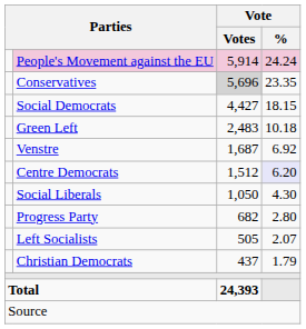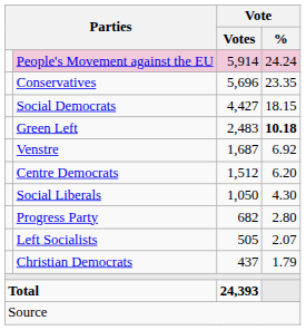 <table class="wikitable" style="text-align:right;">
 <tr>
 <th style="text-align:centre;" rowspan="2" colspan="2" width="225">Parties</th>
 <th colspan="3">Vote</th>
 </tr>
 <tr>
 <th width="15">Votes</th>
 <th width="15">%</th>
 </tr>
 <tr>
 <td width="2" style="color:inherit;background:"></td>
 <td bgcolor=#f3c9dc   align="left"><a href='#'>People's Movement against the EU</a></td>
 <td bgcolor=#f3c9dc>5,914</td>
 <td bgcolor=#f3c9dc>24.24</td>
 </tr>
 <tr>
 <td width="2" style="color:inherit;background:"></td>
 <td align="left"><a href='#'>Conservatives</a></td>
-<td style="background: lightgrey;">5,696</td>
+<td>5,696</td>
 <td>23.35</td>
 </tr>
 <tr>
 <td width="2" style="color:inherit;background:"></td>
 <td align="left"><a href='#'>Social Democrats</a></td>
 <td>4,427</td>
 <td>18.15</td>
 </tr>
 <tr>
 <td width="2" style="color:inherit;background:"></td>
 <td align="left"><a href='#'>Green Left</a></td>
 <td>2,483</td>
-<td>10.18</td>
+<td><strong>10.18</strong></td>
 </tr>
 <tr>
 <td width="2" style="color:inherit;background:"></td>
 <td align="left"><a href='#'>Venstre</a></td>
 <td>1,687</td>
 <td>6.92</td>
 </tr>
 <tr>
 <td width="2" style="color:inherit;background:"></td>
 <td align="left"><a href='#'>Centre Democrats</a></td>
 <td>1,512</td>
-<td style="background: lavender;">6.20</td>
+<td>6.20</td>
 </tr>
 <tr>
 <td width="2" style="color:inherit;background:"></td>
 <td align="left"><a href='#'>Social Liberals</a></td>
 <td>1,050</td>
 <td>4.30</td>
 </tr>
 <tr>
 <td width="2" style="color:inherit;background:"></td>
 <td align="left"><a href='#'>Progress Party</a></td>
 <td>682</td>
 <td>2.80</td>
 </tr>
 <tr>
 <td width="2" style="color:inherit;background:"></td>
 <td align="left"><a href='#'>Left Socialists</a></td>
 <td>505</td>
 <td>2.07</td>
 </tr>
 <tr>
 <td width="2" style="color:inherit;background:"></td>
 <td align="left"><a href='#'>Christian Democrats</a></td>
 <td>437</td>
 <td>1.79</td>
 </tr>
 <tr>
 <td colspan="7" bgcolor="#E9E9E9"></td>
 </tr>
 <tr>
 <td align="left" colspan="2"><strong>Total</strong></td>
 <td><strong>24,393</strong></td>
 <td bgcolor="#E9E9E9" colspan="2"></td>
 </tr>
 <tr>
 <td align="left" colspan="6">Source</td>
 </tr>
 </table>
